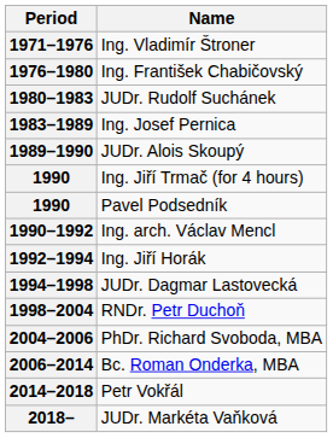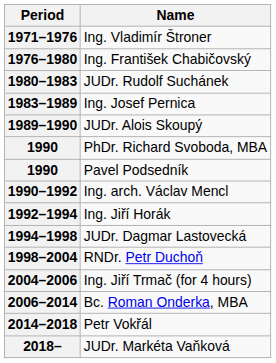 <table class="wikitable">
 <tr>
 <th>Period</th>
 <th>Name</th>
 </tr>
 <tr>
 <th>1971–1976</th>
 <td>Ing. Vladimír Štroner</td>
 </tr>
 <tr>
 <th>1976–1980</th>
 <td>Ing. František Chabičovský</td>
 </tr>
 <tr>
 <th>1980–1983</th>
 <td>JUDr. Rudolf Suchánek</td>
 </tr>
 <tr>
 <th>1983–1989</th>
 <td>Ing. Josef Pernica</td>
 </tr>
 <tr>
 <th>1989–1990</th>
 <td>JUDr. Alois Skoupý</td>
 </tr>
 <tr>
 <th>1990</th>
-<td>Ing. Jiří Trmač (for 4 hours)</td>
+<td>PhDr. Richard Svoboda, MBA</td>
 </tr>
 <tr>
 <th>1990</th>
 <td>Pavel Podsedník</td>
 </tr>
 <tr>
 <th>1990–1992</th>
 <td>Ing. arch. Václav Mencl</td>
 </tr>
 <tr>
 <th>1992–1994</th>
 <td>Ing. Jiří Horák</td>
 </tr>
 <tr>
 <th>1994–1998</th>
 <td>JUDr. Dagmar Lastovecká</td>
 </tr>
 <tr>
 <th>1998–2004</th>
 <td>RNDr. <a href='#'>Petr Duchoň</a></td>
 </tr>
 <tr>
 <th>2004–2006</th>
-<td>PhDr. Richard Svoboda, MBA</td>
+<td>Ing. Jiří Trmač (for 4 hours)</td>
 </tr>
 <tr>
 <th>2006–2014</th>
 <td>Bc. <a href='#'>Roman Onderka</a>, MBA</td>
 </tr>
 <tr>
 <th>2014–2018</th>
 <td>Petr Vokřál</td>
 </tr>
 <tr>
 <th>2018–</th>
 <td>JUDr. Markéta Vaňková</td>
 </tr>
 </table>
